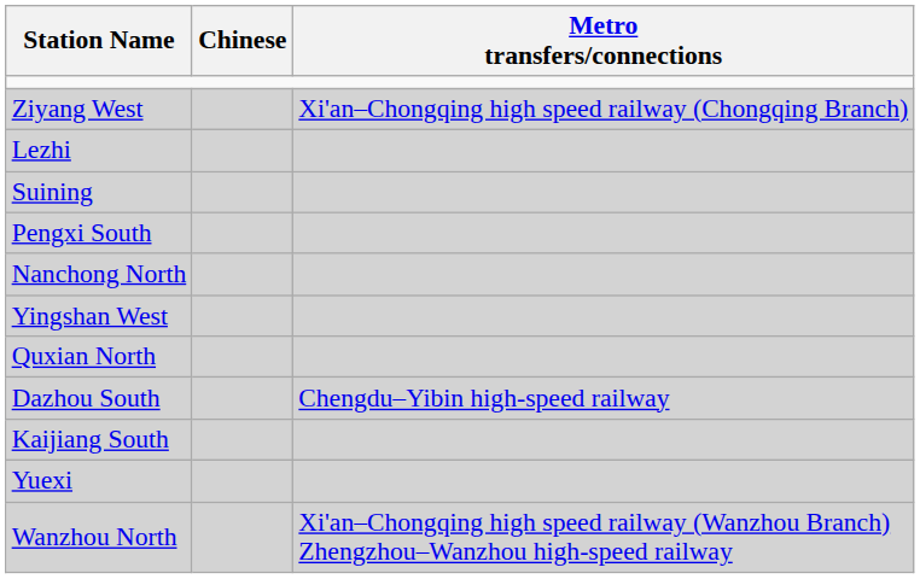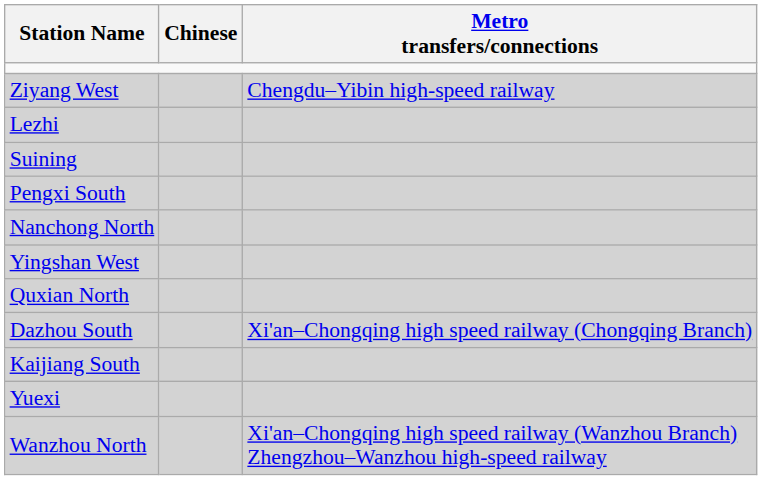 <table class="wikitable">
 <tr>
 <th>Station Name</th>
 <th>Chinese<br></th>
 <th><a href='#'>Metro</a><br>transfers/connections<br> </th>
 </tr>
 <tr style="background:#">
 <td colspan = "11"></td>
 </tr>
 <tr bgcolor="lightgrey">
 <td><a href='#'>Ziyang West</a></td>
 <td></td>
-<td><a href='#'>Xi'an–Chongqing high speed railway (Chongqing Branch)</a></td>
+<td><a href='#'>Chengdu–Yibin high-speed railway</a></td>
 </tr>
 <tr bgcolor="lightgrey">
 <td><a href='#'>Lezhi</a></td>
 <td></td>
 <td></td>
 </tr>
 <tr bgcolor="lightgrey">
 <td><a href='#'>Suining</a></td>
 <td></td>
 <td></td>
 </tr>
 <tr bgcolor="lightgrey">
 <td><a href='#'>Pengxi South</a></td>
 <td></td>
 <td></td>
 </tr>
 <tr bgcolor="lightgrey">
 <td><a href='#'>Nanchong North</a></td>
 <td></td>
 <td></td>
 </tr>
 <tr bgcolor="lightgrey">
 <td><a href='#'>Yingshan West</a></td>
 <td></td>
 <td></td>
 </tr>
 <tr bgcolor="lightgrey">
 <td><a href='#'>Quxian North</a></td>
 <td></td>
 <td></td>
 </tr>
 <tr bgcolor="lightgrey">
 <td><a href='#'>Dazhou South</a></td>
 <td></td>
-<td><a href='#'>Chengdu–Yibin high-speed railway</a></td>
+<td><a href='#'>Xi'an–Chongqing high speed railway (Chongqing Branch)</a></td>
 </tr>
 <tr bgcolor="lightgrey">
 <td><a href='#'>Kaijiang South</a></td>
 <td></td>
 <td></td>
 </tr>
 <tr bgcolor="lightgrey">
 <td><a href='#'>Yuexi</a></td>
 <td></td>
 <td></td>
 </tr>
 <tr bgcolor="lightgrey">
 <td><a href='#'>Wanzhou North</a></td>
 <td></td>
 <td><a href='#'>Xi'an–Chongqing high speed railway (Wanzhou Branch)</a><br><a href='#'>Zhengzhou–Wanzhou high-speed railway</a></td>
 </tr>
 </table>
